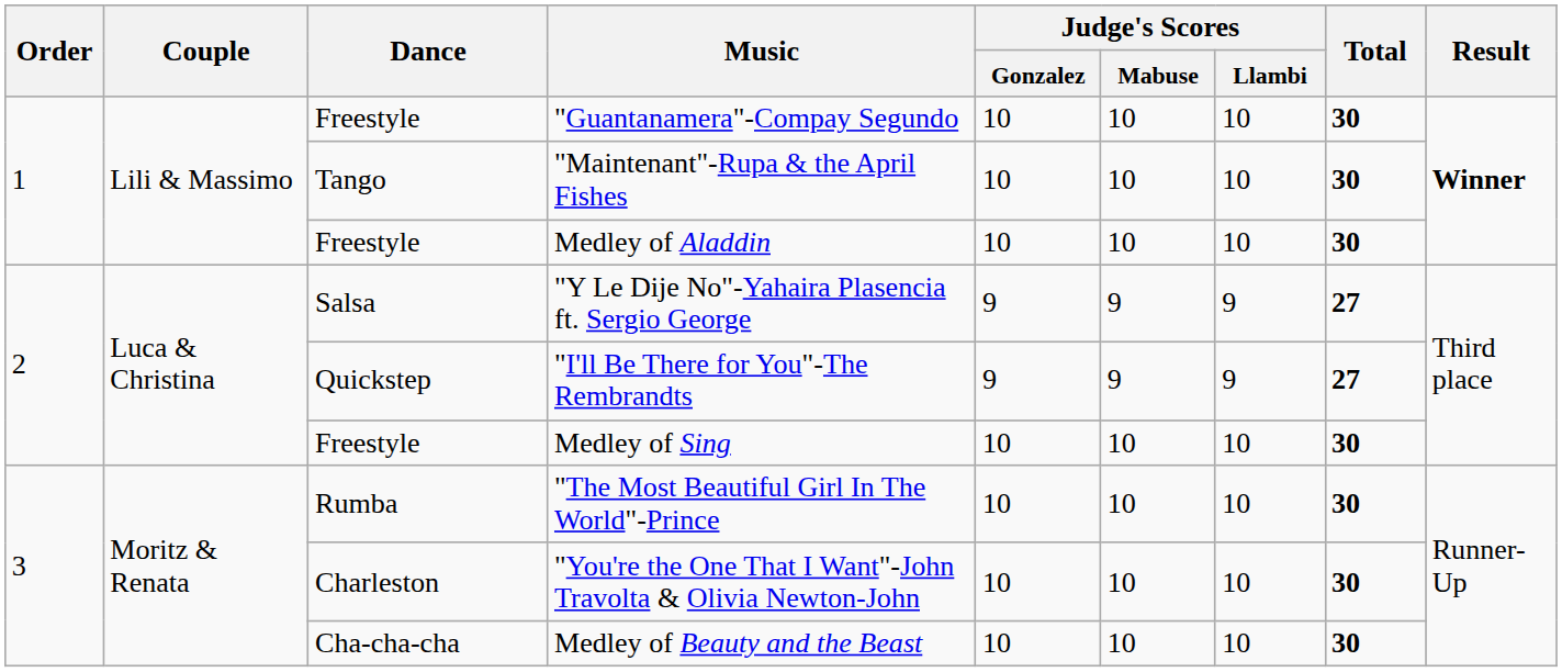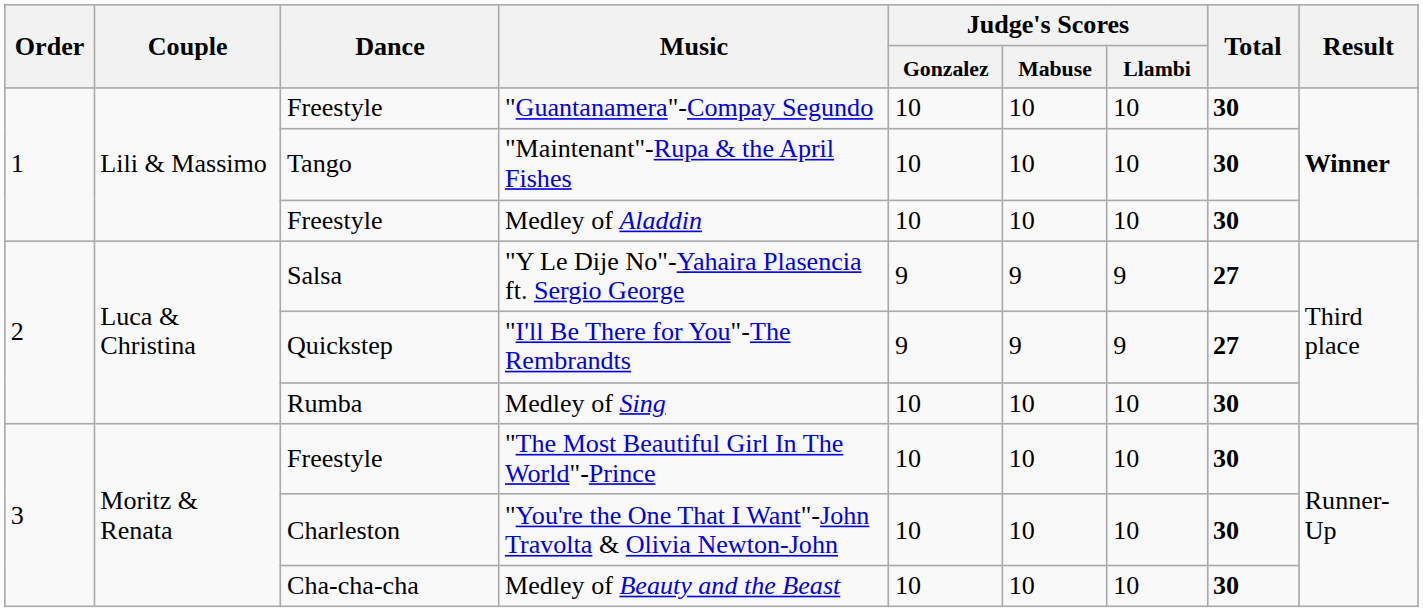 <table class="wikitable sortable center">
 <tr>
 <th rowspan="2" style="width: 4em">Order</th>
 <th rowspan="2" style="width: 17em">Couple</th>
 <th rowspan="2" style="width: 20em">Dance</th>
 <th rowspan="2" style="width: 40em">Music</th>
 <th colspan="3">Judge's Scores</th>
 <th rowspan="2" style="width: 6em">Total</th>
 <th rowspan="2" style="width: 7em">Result</th>
 </tr>
 <tr>
 <th style="width: 6em"><small>Gonzalez</small></th>
 <th style="width: 6em"><small>Mabuse</small></th>
 <th style="width: 6em"><small>Llambi</small></th>
 </tr>
 <tr>
 <td rowspan="3">1</td>
 <td rowspan="3">Lili & Massimo</td>
 <td>Freestyle</td>
 <td>"<a href='#'>Guantanamera</a>"-<a href='#'>Compay Segundo</a></td>
 <td>10</td>
 <td>10</td>
 <td>10</td>
 <td><strong>30</strong></td>
 <td rowspan="3"><strong>Winner</strong></td>
 </tr>
 <tr>
 <td>Tango</td>
 <td>"Maintenant"-<a href='#'>Rupa & the April Fishes</a></td>
 <td>10</td>
 <td>10</td>
 <td>10</td>
 <td><strong>30</strong></td>
 </tr>
 <tr>
 <td>Freestyle</td>
 <td>Medley of <em><a href='#'>Aladdin</a></em></td>
 <td>10</td>
 <td>10</td>
 <td>10</td>
 <td><strong>30</strong></td>
 </tr>
 <tr>
 <td rowspan="3">2</td>
 <td rowspan="3">Luca & Christina</td>
 <td>Salsa</td>
 <td>"Y Le Dije No"-<a href='#'>Yahaira Plasencia</a> ft. <a href='#'>Sergio George</a></td>
 <td>9</td>
 <td>9</td>
 <td>9</td>
 <td><strong>27</strong></td>
 <td rowspan="3">Third place</td>
 </tr>
 <tr>
 <td>Quickstep</td>
 <td>"<a href='#'>I'll Be There for You</a>"-<a href='#'>The Rembrandts</a></td>
 <td>9</td>
 <td>9</td>
 <td>9</td>
 <td><strong>27</strong></td>
 </tr>
 <tr>
-<td>Freestyle</td>
+<td>Rumba</td>
 <td>Medley of <em><a href='#'>Sing</a></em></td>
 <td>10</td>
 <td>10</td>
 <td>10</td>
 <td><strong>30</strong></td>
 </tr>
 <tr>
 <td rowspan="3">3</td>
 <td rowspan="3">Moritz & Renata</td>
-<td>Rumba</td>
+<td>Freestyle</td>
 <td>"<a href='#'>The Most Beautiful Girl In The World</a>"-<a href='#'>Prince</a></td>
 <td>10</td>
 <td>10</td>
 <td>10</td>
 <td><strong>30</strong></td>
 <td rowspan="3">Runner-Up</td>
 </tr>
 <tr>
 <td>Charleston</td>
 <td>"<a href='#'>You're the One That I Want</a>"-<a href='#'>John Travolta</a> & <a href='#'>Olivia Newton-John</a></td>
 <td>10</td>
 <td>10</td>
 <td>10</td>
 <td><strong>30</strong></td>
 </tr>
 <tr>
 <td>Cha-cha-cha</td>
 <td>Medley of <em><a href='#'>Beauty and the Beast</a></em></td>
 <td>10</td>
 <td>10</td>
 <td>10</td>
 <td><strong>30</strong></td>
 </tr>
 </table>
